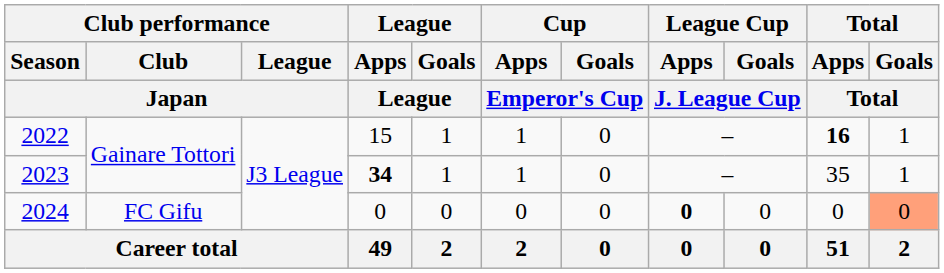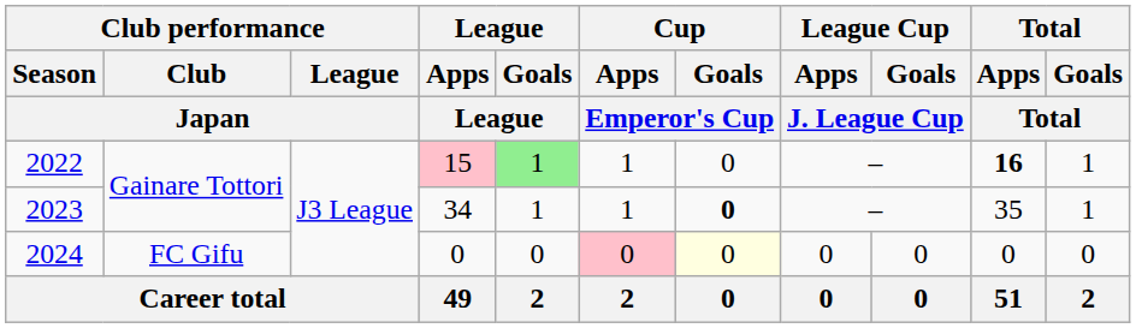 <table class="wikitable" style="text-align:center;">
 <tr>
 <th colspan=3>Club performance</th>
 <th colspan=2>League</th>
 <th colspan=2>Cup</th>
 <th colspan=2>League Cup</th>
 <th colspan=2>Total</th>
 </tr>
 <tr>
 <th>Season</th>
 <th>Club</th>
 <th>League</th>
 <th>Apps</th>
 <th>Goals</th>
 <th>Apps</th>
 <th>Goals</th>
 <th>Apps</th>
 <th>Goals</th>
 <th>Apps</th>
 <th>Goals</th>
 </tr>
 <tr>
 <th colspan=3>Japan</th>
 <th colspan=2>League</th>
 <th colspan=2><a href='#'>Emperor's Cup</a></th>
 <th colspan=2><a href='#'>J. League Cup</a></th>
 <th colspan=2>Total</th>
 </tr>
 <tr>
 <td><a href='#'>2022</a></td>
 <td rowspan="2"><a href='#'>Gainare Tottori</a></td>
 <td rowspan="3"><a href='#'>J3 League</a></td>
-<td>15</td>
-<td>1</td>
+<td style="background: pink;">15</td>
+<td style="background: lightgreen;">1</td>
 <td>1</td>
 <td>0</td>
 <td colspan="2">–</td>
 <td><strong>16</strong></td>
 <td>1</td>
 </tr>
 <tr>
 <td><a href='#'>2023</a></td>
-<td><strong>34</strong></td>
+<td>34</td>
 <td>1</td>
 <td>1</td>
-<td>0</td>
+<td><strong>0</strong></td>
 <td colspan="2">–</td>
 <td>35</td>
 <td>1</td>
 </tr>
 <tr>
 <td><a href='#'>2024</a></td>
 <td><a href='#'>FC Gifu</a></td>
 <td>0</td>
 <td>0</td>
+<td style="background: pink;">0</td>
+<td style="background: lightyellow;">0</td>
 <td>0</td>
 <td>0</td>
-<td><strong>0</strong></td>
 <td>0</td>
 <td>0</td>
-<td style="background: lightsalmon;">0</td>
 </tr>
 <tr>
 <th colspan=3>Career total</th>
 <th>49</th>
 <th>2</th>
 <th>2</th>
 <th>0</th>
 <th>0</th>
 <th>0</th>
 <th>51</th>
 <th>2</th>
 </tr>
 </table>
